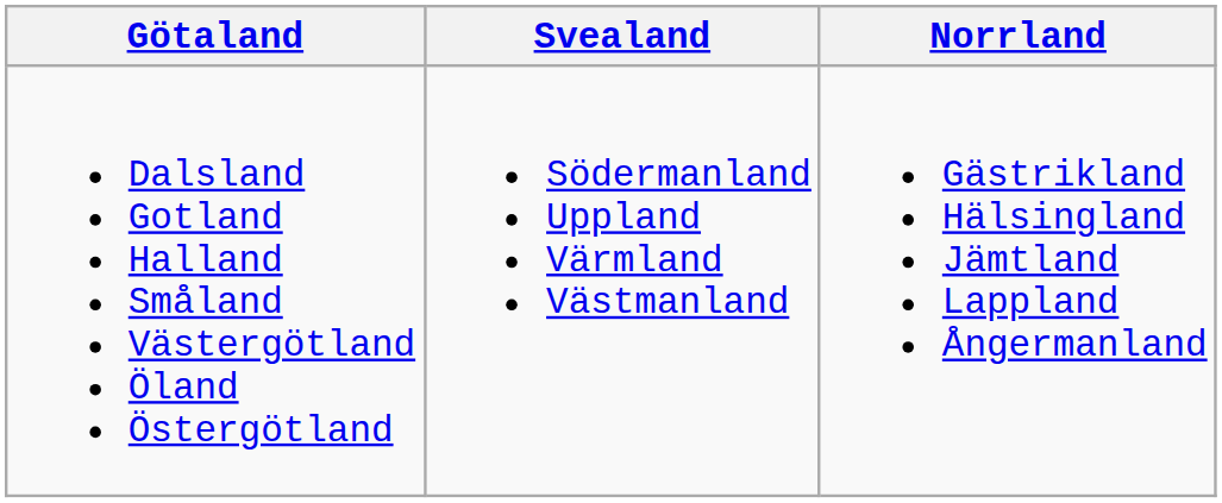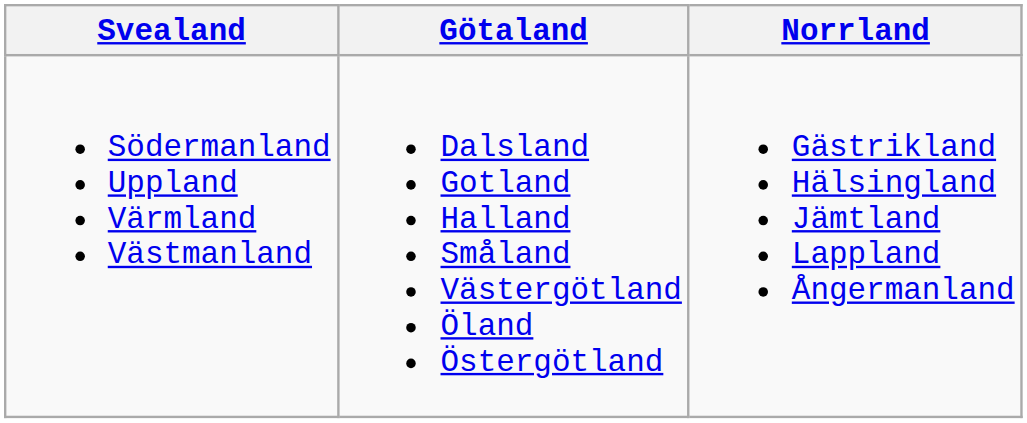 <table class="wikitable">
 <tr>
+<th><a href='#'>Svealand</a></th>
 <th><a href='#'>Götaland</a></th>
-<th><a href='#'>Svealand</a></th>
 <th><a href='#'>Norrland</a></th>
 </tr>
 <tr>
+<td valign="top"><br><ul><li><a href='#'>Södermanland</a></li><li><a href='#'>Uppland</a></li><li><a href='#'>Värmland</a></li><li><a href='#'>Västmanland</a></li></ul></td>
 <td valign="top"><br><ul><li><a href='#'>Dalsland</a></li><li><a href='#'>Gotland</a></li><li><a href='#'>Halland</a></li><li><a href='#'>Småland</a></li><li><a href='#'>Västergötland</a></li><li><a href='#'>Öland</a></li><li><a href='#'>Östergötland</a></li></ul></td>
-<td valign="top"><br><ul><li><a href='#'>Södermanland</a></li><li><a href='#'>Uppland</a></li><li><a href='#'>Värmland</a></li><li><a href='#'>Västmanland</a></li></ul></td>
 <td valign="top"><br><ul><li><a href='#'>Gästrikland</a></li><li><a href='#'>Hälsingland</a></li><li><a href='#'>Jämtland</a></li><li><a href='#'>Lappland</a></li><li><a href='#'>Ångermanland</a></li></ul></td>
 </tr>
 </table>
